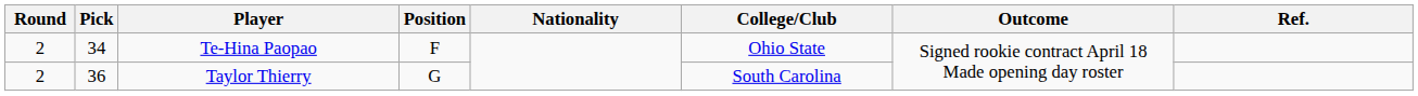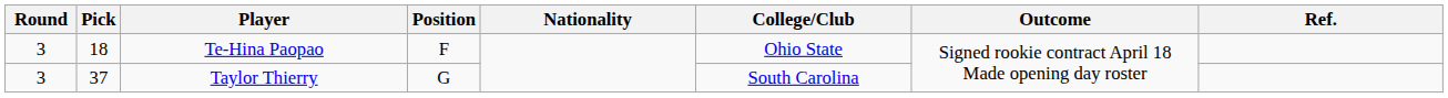 <table class="wikitable sortable sortable" style="text-align: center">
 <tr>
 <th width="5%">Round</th>
 <th width="3%">Pick</th>
 <th width="20%">Player</th>
 <th width="3%">Position</th>
 <th width="15%">Nationality</th>
 <th width="15%">College/Club</th>
 <th width="20%">Outcome</th>
 <th>Ref.</th>
 </tr>
 <tr>
-<td>2</td>
-<td>34</td>
+<td>3</td>
+<td>18</td>
 <td><a href='#'>Te-Hina Paopao</a></td>
 <td>F</td>
 <td rowspan=2></td>
 <td><a href='#'>Ohio State</a></td>
 <td rowspan=2>Signed rookie contract April 18<br>Made opening day roster</td>
 <td></td>
 </tr>
 <tr>
-<td>2</td>
-<td>36</td>
+<td>3</td>
+<td>37</td>
 <td><a href='#'>Taylor Thierry</a></td>
 <td>G</td>
 <td><a href='#'>South Carolina</a></td>
 <td></td>
 </tr>
 </table>
